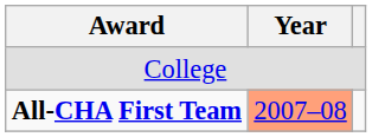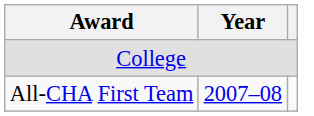 <table class="wikitable">
 <tr>
 <th>Award</th>
 <th>Year</th>
 <th></th>
 </tr>
 <tr ALIGN="center" bgcolor="#e0e0e0">
 <td colspan="3"><a href='#'>College</a></td>
 </tr>
 <tr>
-<td><strong>All-<a href='#'>CHA</a> <a href='#'>First Team</a></strong></td>
-<td style="background: lightsalmon;"><a href='#'>2007–08</a></td>
+<td>All-<a href='#'>CHA</a> <a href='#'>First Team</a></td>
+<td><a href='#'>2007–08</a></td>
 <td></td>
 </tr>
 </table>
